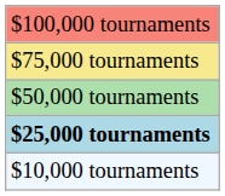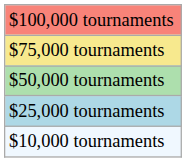 <table class="wikitable" style="font-size:90%;" width=11%>
 <tr bgcolor="#F88379">
 <td>$100,000 tournaments</td>
 </tr>
 <tr bgcolor="#F7E98E">
 <td>$75,000 tournaments</td>
 </tr>
 <tr bgcolor="#ADDFAD">
 <td>$50,000 tournaments</td>
 </tr>
 <tr bgcolor="lightblue">
-<td><strong>$25,000 tournaments</strong></td>
+<td>$25,000 tournaments</td>
 </tr>
 <tr bgcolor="#f0f8ff">
 <td>$10,000 tournaments</td>
 </tr>
 </table>
